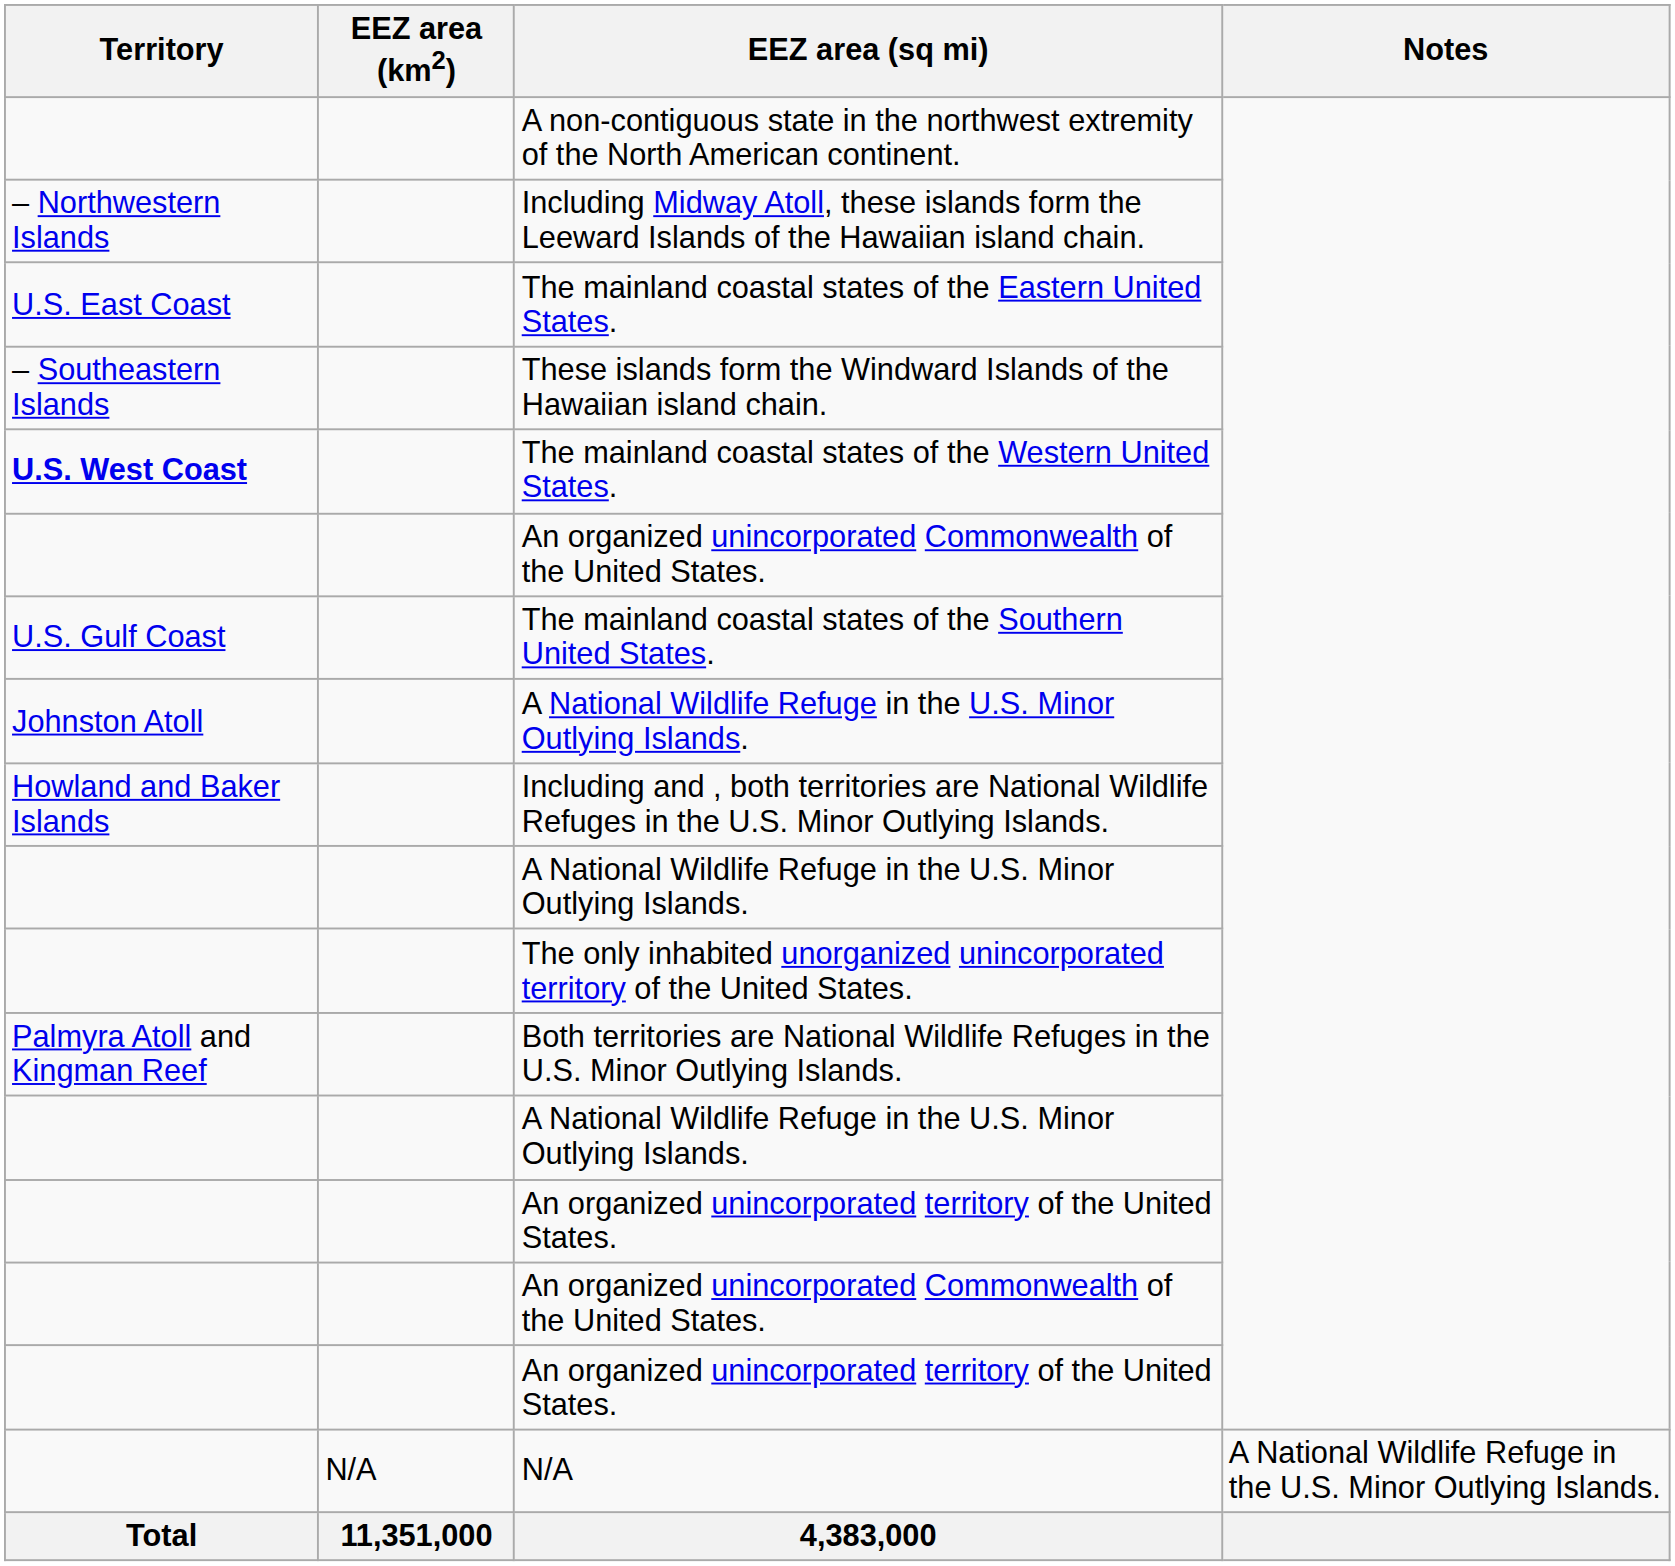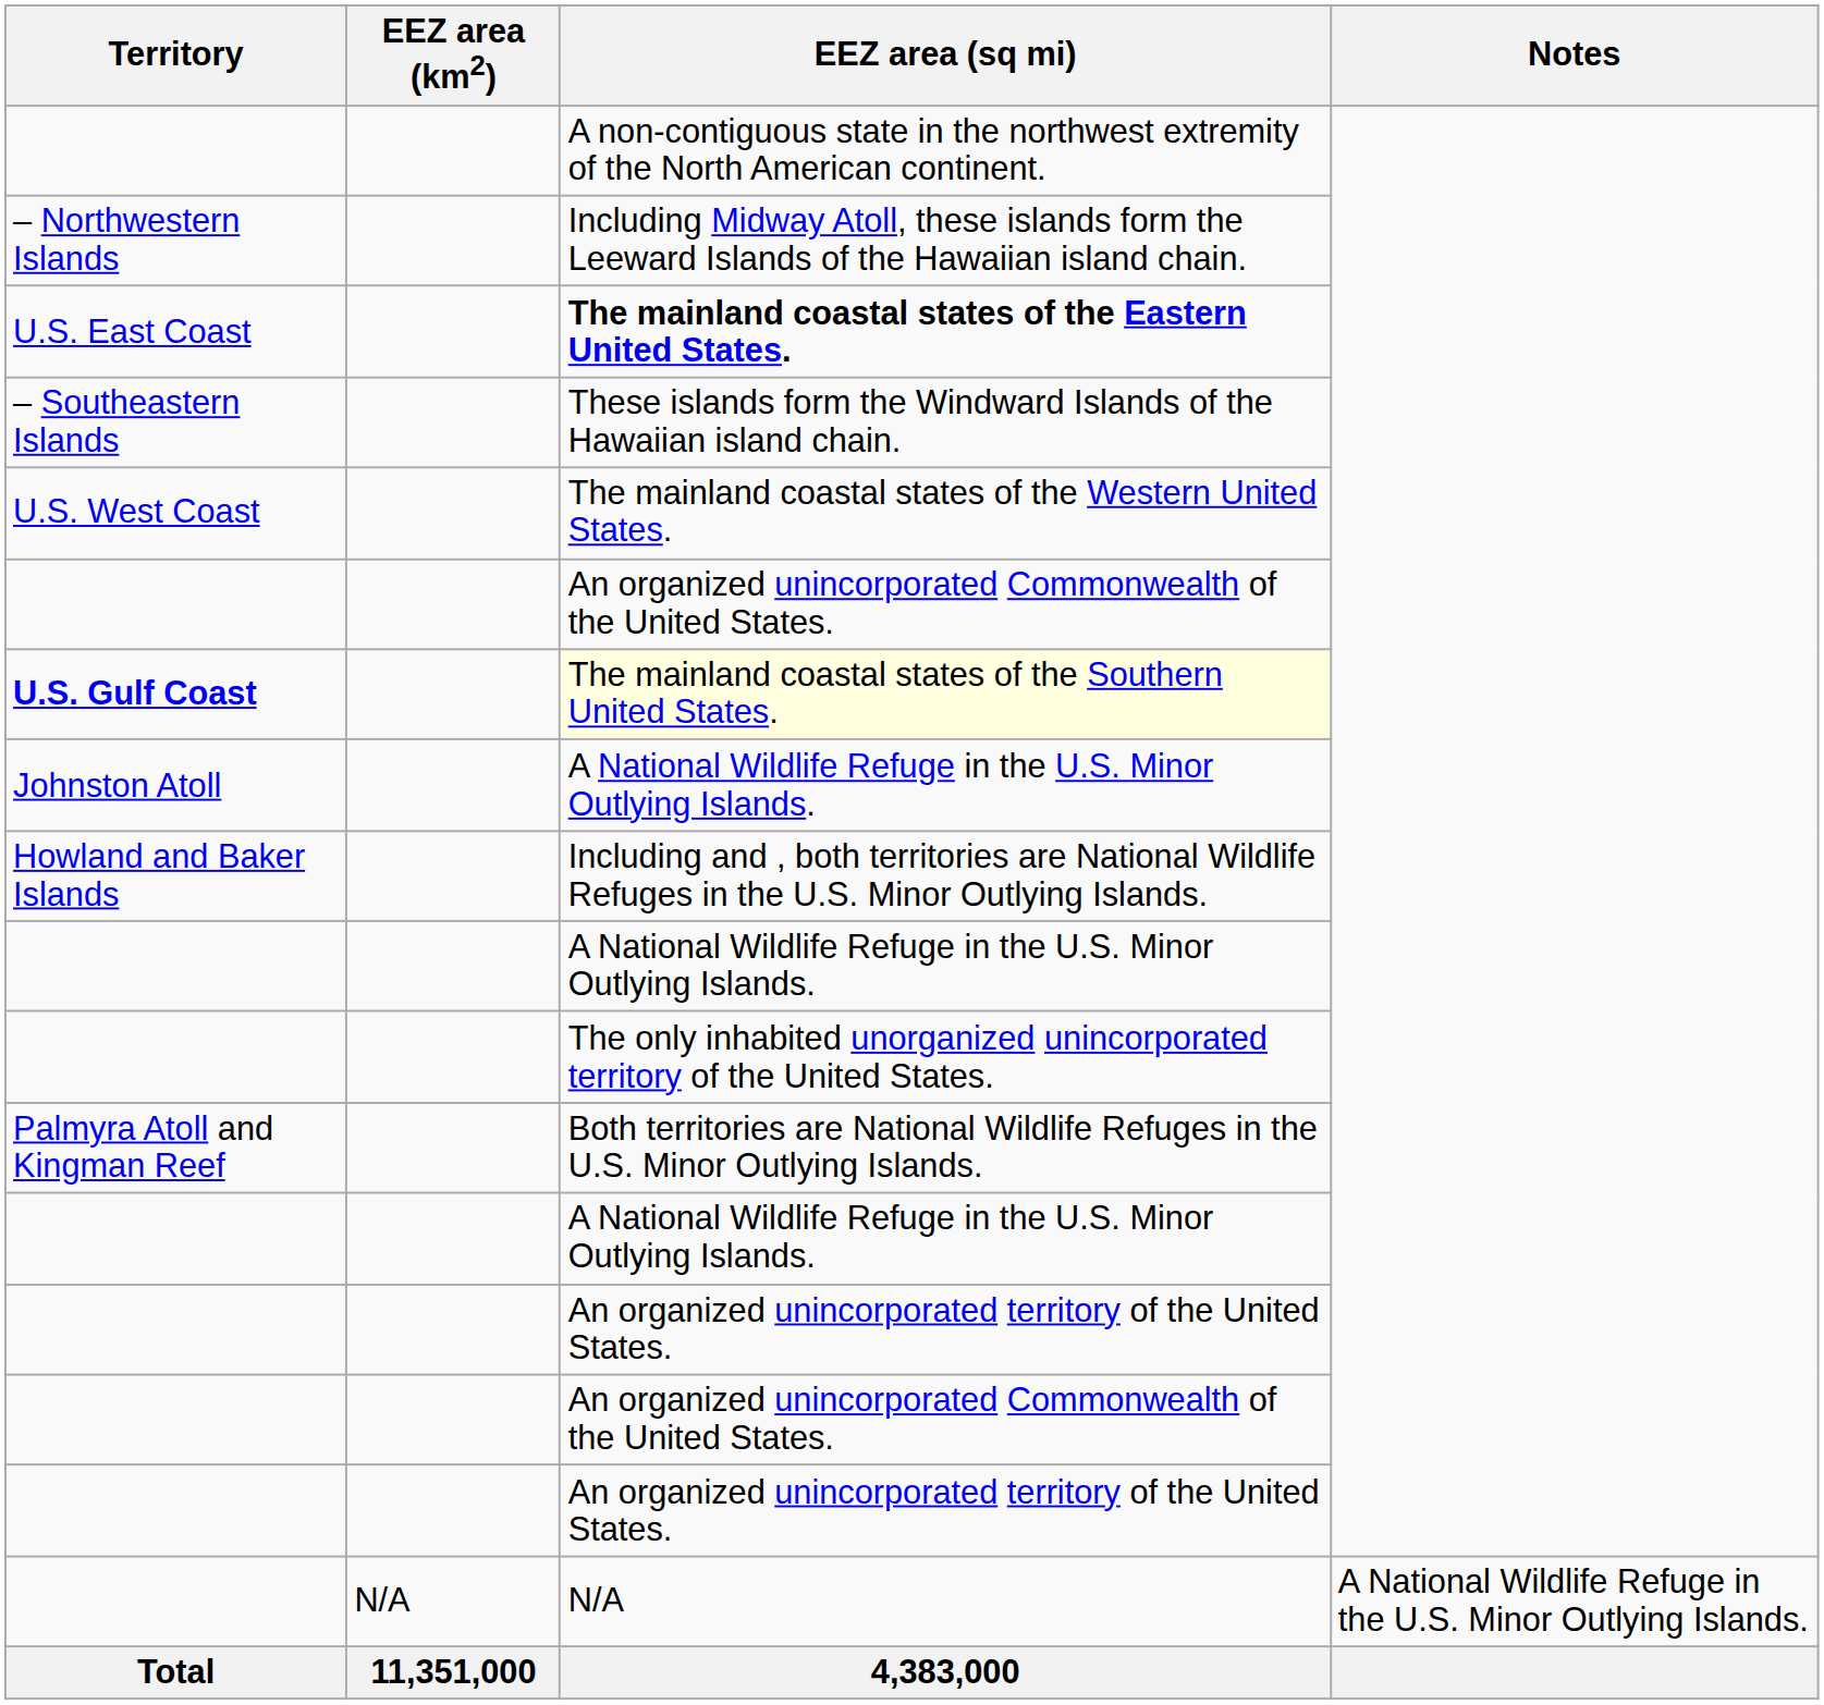 <table class="wikitable">
 <tr>
 <th>Territory</th>
 <th>EEZ area (km<sup>2</sup>)</th>
 <th>EEZ area (sq mi)</th>
 <th>Notes</th>
 </tr>
 <tr>
 <td></td>
 <td></td>
 <td>A non-contiguous state in the northwest extremity of the North American continent.</td>
 </tr>
 <tr>
 <td> – <a href='#'>Northwestern Islands</a></td>
 <td></td>
 <td>Including <a href='#'>Midway Atoll</a>, these islands form the Leeward Islands of the Hawaiian island chain.</td>
 </tr>
 <tr>
 <td> <a href='#'>U.S. East Coast</a></td>
 <td></td>
-<td>The mainland coastal states of the <a href='#'>Eastern United States</a>.</td>
+<td><strong>The mainland coastal states of the <a href='#'>Eastern United States</a>.</strong></td>
 </tr>
 <tr>
 <td> – <a href='#'>Southeastern Islands</a></td>
 <td></td>
 <td>These islands form the Windward Islands of the Hawaiian island chain.</td>
 </tr>
 <tr>
-<td><strong> <a href='#'>U.S. West Coast</a></strong></td>
+<td> <a href='#'>U.S. West Coast</a></td>
 <td></td>
 <td>The mainland coastal states of the <a href='#'>Western United States</a>.</td>
 </tr>
 <tr>
 <td></td>
 <td></td>
 <td>An organized <a href='#'>unincorporated</a> <a href='#'>Commonwealth</a> of the United States.</td>
 </tr>
 <tr>
-<td> <a href='#'>U.S. Gulf Coast</a></td>
+<td><strong> <a href='#'>U.S. Gulf Coast</a></strong></td>
 <td></td>
-<td>The mainland coastal states of the <a href='#'>Southern United States</a>.</td>
+<td style="background: lightyellow;">The mainland coastal states of the <a href='#'>Southern United States</a>.</td>
 </tr>
 <tr>
 <td> <a href='#'>Johnston Atoll</a></td>
 <td></td>
 <td>A <a href='#'>National Wildlife Refuge</a> in the <a href='#'>U.S. Minor Outlying Islands</a>.</td>
 </tr>
 <tr>
 <td> <a href='#'>Howland and Baker Islands</a></td>
 <td></td>
 <td>Including  and , both territories are National Wildlife Refuges in the U.S. Minor Outlying Islands.</td>
 </tr>
 <tr>
 <td></td>
 <td></td>
 <td>A National Wildlife Refuge in the U.S. Minor Outlying Islands.</td>
 </tr>
 <tr>
 <td></td>
 <td></td>
 <td>The only inhabited <a href='#'>unorganized</a> <a href='#'>unincorporated</a> <a href='#'>territory</a> of the United States.</td>
 </tr>
 <tr>
 <td><a href='#'>Palmyra Atoll</a> and <a href='#'>Kingman Reef</a></td>
 <td></td>
 <td>Both territories are National Wildlife Refuges in the U.S. Minor Outlying Islands.</td>
 </tr>
 <tr>
 <td></td>
 <td></td>
 <td>A National Wildlife Refuge in the U.S. Minor Outlying Islands.</td>
 </tr>
 <tr>
 <td></td>
 <td></td>
 <td>An organized <a href='#'>unincorporated</a> <a href='#'>territory</a> of the United States.</td>
 </tr>
 <tr>
 <td></td>
 <td></td>
 <td>An organized <a href='#'>unincorporated</a> <a href='#'>Commonwealth</a> of the United States.</td>
 </tr>
 <tr>
 <td></td>
 <td></td>
 <td>An organized <a href='#'>unincorporated</a> <a href='#'>territory</a> of the United States.</td>
 </tr>
 <tr>
 <td></td>
 <td>N/A</td>
 <td>N/A</td>
 <td>A National Wildlife Refuge in the U.S. Minor Outlying Islands.</td>
 </tr>
 <tr>
 <th>Total</th>
 <th>11,351,000</th>
 <th>4,383,000</th>
 <th></th>
 </tr>
 </table>
